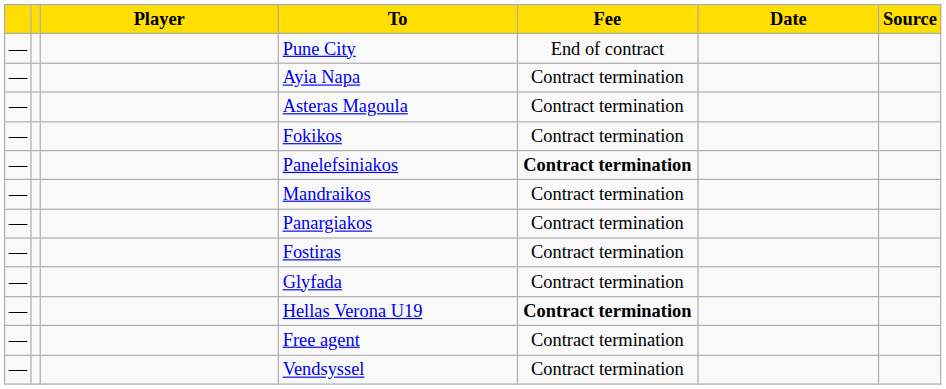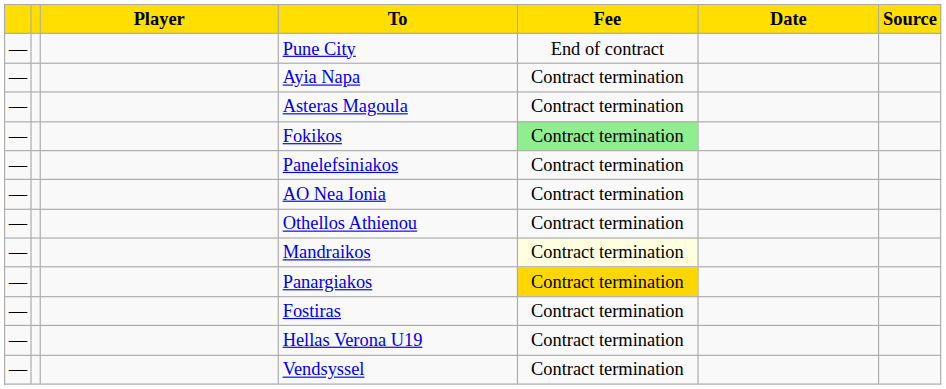 <table class="wikitable sortable">
 <tr>
 <th style="background:#FFDE00"></th>
 <th style="background:#FFDE00"></th>
 <th width=200 style="background:#FFDE00">Player</th>
 <th width=200 style="background:#FFDE00">To</th>
 <th width=150 style="background:#FFDE00">Fee</th>
 <th width=150 style="background:#FFDE00">Date</th>
 <th style="background:#FFDE00">Source</th>
 </tr>
 <tr>
 <td align=center>—</td>
 <td align=center></td>
 <td></td>
 <td> <a href='#'>Pune City</a></td>
 <td align=center>End of contract</td>
 <td align=center></td>
 <td align=center></td>
 </tr>
 <tr>
 <td align=center>—</td>
 <td align=center></td>
 <td></td>
 <td> <a href='#'>Ayia Napa</a></td>
 <td align=center>Contract termination</td>
 <td align=center></td>
 <td align=center></td>
 </tr>
 <tr>
 <td align=center>—</td>
 <td align=center></td>
 <td></td>
 <td> <a href='#'>Asteras Magoula</a></td>
 <td align=center>Contract termination</td>
 <td align=center></td>
 <td align=center></td>
 </tr>
 <tr>
 <td align=center>—</td>
 <td align=center></td>
 <td></td>
 <td> <a href='#'>Fokikos</a></td>
+<td align=center style="background: lightgreen;">Contract termination</td>
+<td align=center></td>
+<td align=center></td>
+</tr>
+<tr>
+<td align=center>—</td>
+<td align=center></td>
+<td></td>
+<td> <a href='#'>Panelefsiniakos</a></td>
 <td align=center>Contract termination</td>
 <td align=center></td>
 <td align=center></td>
 </tr>
 <tr>
 <td align=center>—</td>
 <td align=center></td>
 <td></td>
-<td> <a href='#'>Panelefsiniakos</a></td>
-<td align=center><strong>Contract termination</strong></td>
+<td> <a href='#'>AO Nea Ionia</a></td>
+<td align=center>Contract termination</td>
+<td align=center></td>
+<td align=center></td>
+</tr>
+<tr>
+<td align=center>—</td>
+<td align=center></td>
+<td></td>
+<td> <a href='#'>Othellos Athienou</a></td>
+<td align=center>Contract termination</td>
 <td align=center></td>
 <td align=center></td>
 </tr>
 <tr>
 <td align=center>—</td>
 <td align=center></td>
 <td></td>
 <td> <a href='#'>Mandraikos</a></td>
-<td align=center>Contract termination</td>
+<td align=center style="background: lightyellow;">Contract termination</td>
 <td align=center></td>
 <td align=center></td>
 </tr>
 <tr>
 <td align=center>—</td>
 <td align=center></td>
 <td></td>
 <td> <a href='#'>Panargiakos</a></td>
-<td align=center>Contract termination</td>
+<td align=center style="background: gold;">Contract termination</td>
 <td align=center></td>
 <td align=center></td>
 </tr>
 <tr>
 <td align=center>—</td>
 <td align=center></td>
 <td></td>
 <td> <a href='#'>Fostiras</a></td>
 <td align=center>Contract termination</td>
 <td align=center></td>
 <td align=center></td>
 </tr>
 <tr>
 <td align=center>—</td>
 <td align=center></td>
 <td></td>
-<td> <a href='#'>Glyfada</a></td>
-<td align=center>Contract termination</td>
-<td align=center></td>
-<td align=center></td>
-</tr>
-<tr>
-<td align=center>—</td>
-<td align=center></td>
-<td></td>
 <td> <a href='#'>Hellas Verona U19</a></td>
-<td align=center><strong>Contract termination</strong></td>
-<td align=center></td>
-<td align=center></td>
-</tr>
-<tr>
-<td align=center>—</td>
-<td align=center></td>
-<td></td>
-<td><a href='#'>Free agent</a></td>
 <td align=center>Contract termination</td>
 <td align=center></td>
 <td align=center></td>
 </tr>
 <tr>
 <td align=center>—</td>
 <td align=center></td>
 <td></td>
 <td> <a href='#'>Vendsyssel</a></td>
 <td align=center>Contract termination</td>
 <td align=center></td>
 <td align=center></td>
 </tr>
 </table>
